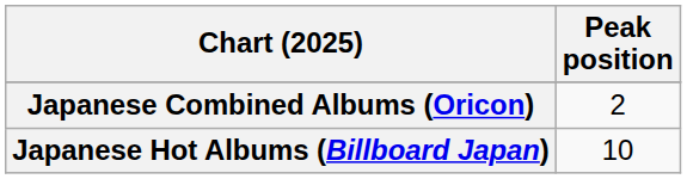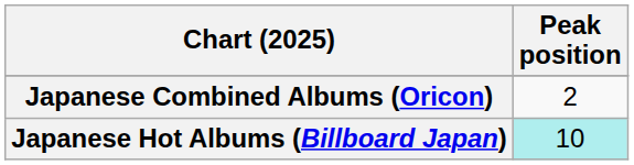 <table class="wikitable sortable plainrowheaders" style="text-align:center">
 <tr>
 <th scope="col">Chart (2025)</th>
 <th scope="col">Peak<br>position</th>
 </tr>
 <tr>
 </tr>
 <tr>
 <th scope="row">Japanese Combined Albums (<a href='#'>Oricon</a>)</th>
 <td>2</td>
 </tr>
 <tr>
 <th scope="row">Japanese Hot Albums (<em><a href='#'>Billboard Japan</a></em>)</th>
-<td>10</td>
+<td style="background: paleturquoise;">10</td>
 </tr>
 </table>
